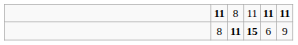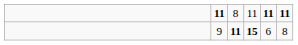 <table class="wikitable">
 <tr>
 <td style="width:18em"></td>
 <td align=center style="width:1em"><strong>11</strong></td>
 <td align=center style="width:1em">8</td>
 <td align=center style="width:1em">11</td>
 <td align=center style="width:1em"><strong>11</strong></td>
 <td align=center style="width:1em"><strong>11</strong></td>
 </tr>
 <tr>
 <td style="width:18em"></td>
-<td align=center style="width:1em">8</td>
+<td align=center style="width:1em">9</td>
 <td align=center style="width:1em"><strong>11</strong></td>
 <td align=center style="width:1em"><strong>15</strong></td>
 <td align=center style="width:1em">6</td>
-<td align=center style="width:1em">9</td>
+<td align=center style="width:1em">8</td>
 </tr>
 </table>
